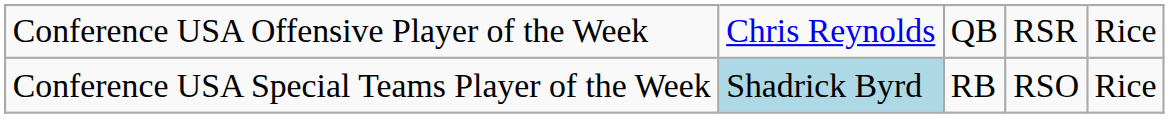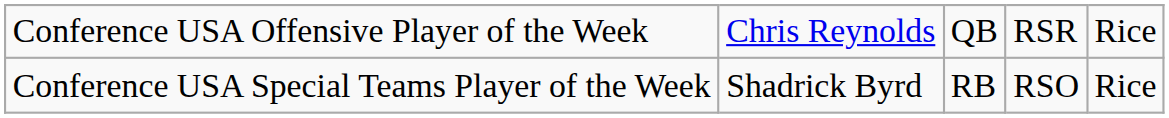 <table class="wikitable">
 <tr>
 <td>Conference USA Offensive Player of the Week</td>
 <td><a href='#'>Chris Reynolds</a></td>
 <td>QB</td>
 <td>RSR</td>
 <td>Rice</td>
 </tr>
 <tr>
 <td>Conference USA Special Teams Player of the Week</td>
-<td style="background: lightblue;">Shadrick Byrd</td>
+<td>Shadrick Byrd</td>
 <td>RB</td>
 <td>RSO</td>
 <td>Rice</td>
 </tr>
 </table>
